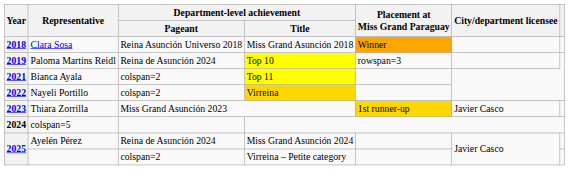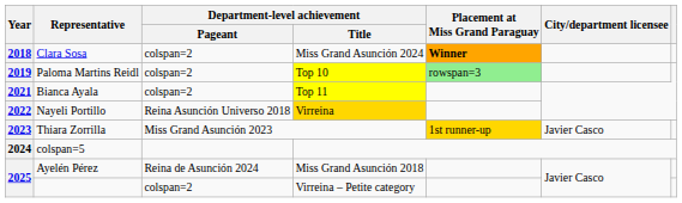 <table class="wikitable defaultcenter col2left" style="font-size:95%;">
 <tr>
 <th rowspan=2>Year</th>
 <th rowspan=2>Representative</th>
 <th colspan=2>Department-level achievement</th>
 <th rowspan=2>Placement at<br>Miss Grand Paraguay</th>
 <th rowspan=2>City/department licensee</th>
 <th rowspan=2></th>
 </tr>
 <tr>
 <th>Pageant</th>
 <th>Title</th>
 </tr>
 <tr>
 <th><a href='#'>2018</a></th>
 <td><a href='#'>Clara Sosa</a></td>
-<td>Reina Asunción Universo 2018</td>
-<td>Miss Grand Asunción 2018</td>
-<td bgcolor=orange>Winner</td>
+<td>colspan=2 </td>
+<td>Miss Grand Asunción 2024</td>
+<td bgcolor=orange><strong>Winner</strong></td>
 <td></td>
 <td></td>
 </tr>
 <tr>
 <th><a href='#'>2019</a></th>
 <td>Paloma Martins Reidl</td>
-<td>Reina de Asunción 2024</td>
+<td>colspan=2 </td>
 <td bgcolor=yellow>Top 10</td>
-<td>rowspan=3 </td>
+<td style="background: lightgreen;">rowspan=3 </td>
 <td></td>
 </tr>
 <tr>
 <th><a href='#'>2021</a></th>
 <td>Bianca Ayala</td>
 <td>colspan=2 </td>
 <td bgcolor=yellow>Top 11</td>
 <td></td>
 </tr>
 <tr>
 <th><a href='#'>2022</a></th>
 <td>Nayeli Portillo</td>
-<td>colspan=2 </td>
+<td>Reina Asunción Universo 2018</td>
 <td bgcolor=gold>Virreina</td>
 <td></td>
 </tr>
 <tr>
 <th><a href='#'>2023</a></th>
 <td>Thiara Zorrilla</td>
 <td colspan=2>Miss Grand Asunción 2023</td>
 <td bgcolor=gold>1st runner-up</td>
 <td>Javier Casco</td>
 <td></td>
 </tr>
 <tr>
 <th>2024</th>
 <td>colspan=5 </td>
 <td></td>
 </tr>
 <tr>
 <th rowspan=2><a href='#'>2025</a></th>
 <td>Ayelén Pérez</td>
 <td>Reina de Asunción 2024</td>
-<td>Miss Grand Asunción 2024</td>
+<td>Miss Grand Asunción 2018</td>
 <td></td>
 <td rowspan=2>Javier Casco</td>
 <td></td>
 </tr>
 <tr>
 <td></td>
 <td>colspan=2 </td>
 <td>Virreina – Petite category</td>
 </tr>
 </table>
